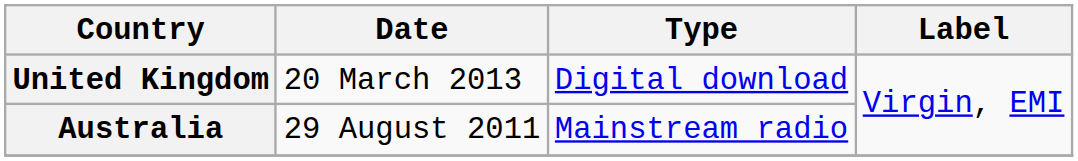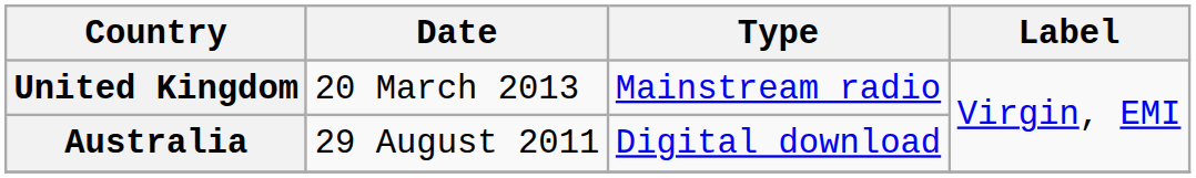 <table class="wikitable plainrowheaders">
 <tr>
 <th>Country</th>
 <th>Date</th>
 <th>Type</th>
 <th>Label</th>
 </tr>
 <tr>
 <th scope="row">United Kingdom</th>
 <td>20 March 2013</td>
-<td><a href='#'>Digital download</a></td>
+<td><a href='#'>Mainstream radio</a></td>
 <td rowspan="2"><a href='#'>Virgin</a>, <a href='#'>EMI</a></td>
 </tr>
 <tr>
 <th scope="row">Australia</th>
 <td>29 August 2011</td>
-<td><a href='#'>Mainstream radio</a></td>
+<td><a href='#'>Digital download</a></td>
 </tr>
 <tr>
 </tr>
 </table>
